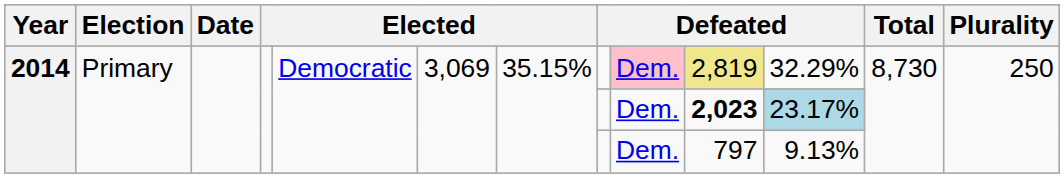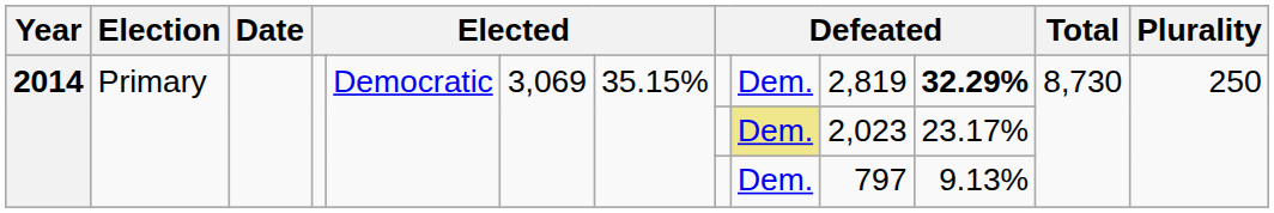 <table class="wikitable">
 <tr>
 <th>Year</th>
 <th>Election</th>
 <th>Date</th>
 <th colspan="4">Elected</th>
 <th colspan="4">Defeated</th>
 <th>Total</th>
 <th>Plurality</th>
 </tr>
 <tr>
 <th rowspan="3" valign="top">2014</th>
 <td rowspan="3" valign="top">Primary</td>
 <td rowspan="3" valign="top"></td>
 <td rowspan="3" valign="top"></td>
 <td valign="top" rowspan="3" ><a href='#'>Democratic</a></td>
 <td rowspan="3" align="right" valign="top">3,069</td>
 <td rowspan="3" align="right" valign="top">35.15%</td>
 <td valign="top"></td>
-<td valign="top"  style="background: pink;"><a href='#'>Dem.</a></td>
-<td align="right" valign="top" style="background: khaki;">2,819</td>
-<td align="right" valign="top">32.29%</td>
+<td valign="top" ><a href='#'>Dem.</a></td>
+<td align="right" valign="top">2,819</td>
+<td align="right" valign="top"><strong>32.29%</strong></td>
 <td rowspan="3" align="right" valign="top">8,730</td>
 <td rowspan="3" align="right" valign="top">250</td>
 </tr>
 <tr>
 <td valign="top"></td>
-<td valign="top" ><a href='#'>Dem.</a></td>
-<td align="right" valign="top"><strong>2,023</strong></td>
-<td align="right" valign="top" style="background: lightblue;">23.17%</td>
+<td valign="top"  style="background: khaki;"><a href='#'>Dem.</a></td>
+<td align="right" valign="top">2,023</td>
+<td align="right" valign="top">23.17%</td>
 </tr>
 <tr>
 <td valign="top"></td>
 <td valign="top" ><a href='#'>Dem.</a></td>
 <td align="right" valign="top">797</td>
 <td align="right" valign="top">9.13%</td>
 </tr>
 </table>
